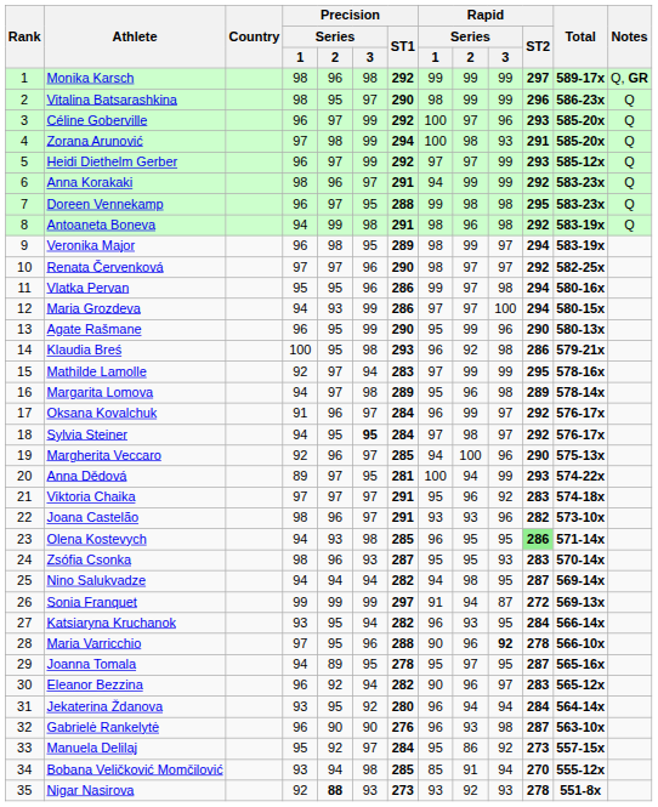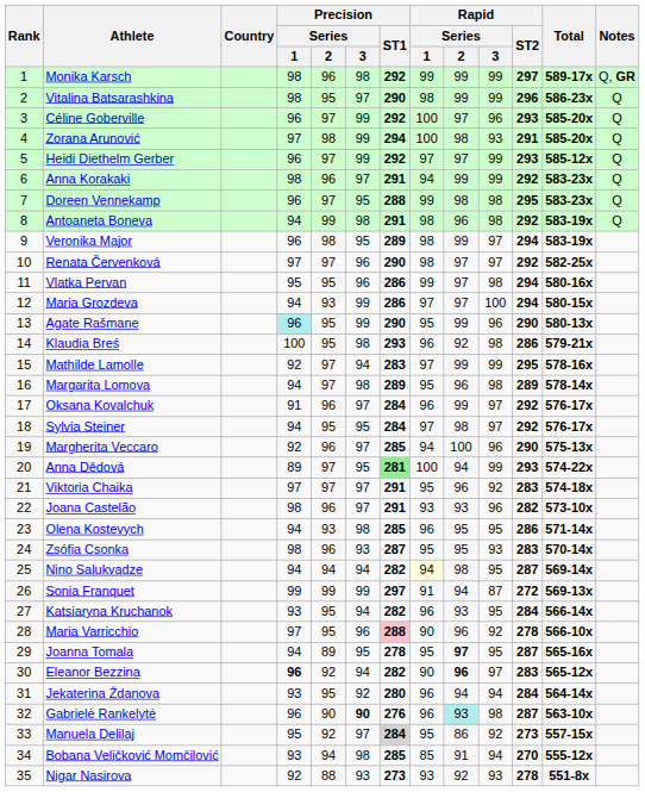 <table class="wikitable sortable" style="text-align:center">
 <tr>
 <th rowspan=3>Rank</th>
 <th rowspan=3>Athlete</th>
 <th rowspan=3>Country</th>
 <th colspan=4>Precision</th>
 <th colspan=4>Rapid</th>
 <th rowspan=3>Total</th>
 <th rowspan=3>Notes</th>
 </tr>
 <tr>
 <th colspan=3>Series</th>
 <th rowspan=2>ST1</th>
 <th colspan=3>Series</th>
 <th rowspan=2>ST2</th>
 </tr>
 <tr>
 <th class="unsortable" width="35px">1</th>
 <th class="unsortable" width="35px">2</th>
 <th class="unsortable" width="35px">3</th>
 <th class="unsortable" width="35px">1</th>
 <th class="unsortable" width="35px">2</th>
 <th class="unsortable" width="35px">3</th>
 </tr>
 <tr bgcolor=ccffcc>
 <td>1</td>
 <td align=left><a href='#'>Monika Karsch</a></td>
 <td align=left></td>
 <td>98</td>
 <td>96</td>
 <td>98</td>
 <td><strong>292</strong></td>
 <td>99</td>
 <td>99</td>
 <td>99</td>
 <td><strong>297</strong></td>
 <td><strong>589-17x</strong></td>
 <td>Q, <strong>GR</strong></td>
 </tr>
 <tr bgcolor=ccffcc>
 <td>2</td>
 <td align=left><a href='#'>Vitalina Batsarashkina</a></td>
 <td align=left></td>
 <td>98</td>
 <td>95</td>
 <td>97</td>
 <td><strong>290</strong></td>
 <td>98</td>
 <td>99</td>
 <td>99</td>
 <td><strong>296</strong></td>
 <td><strong>586-23x</strong></td>
 <td>Q</td>
 </tr>
 <tr bgcolor=ccffcc>
 <td>3</td>
 <td align=left><a href='#'>Céline Goberville</a></td>
 <td align=left></td>
 <td>96</td>
 <td>97</td>
 <td>99</td>
 <td><strong>292</strong></td>
 <td>100</td>
 <td>97</td>
 <td>96</td>
 <td><strong>293</strong></td>
 <td><strong>585-20x</strong></td>
 <td>Q</td>
 </tr>
 <tr bgcolor=ccffcc>
 <td>4</td>
 <td align=left><a href='#'>Zorana Arunović</a></td>
 <td align=left></td>
 <td>97</td>
 <td>98</td>
 <td>99</td>
 <td><strong>294</strong></td>
 <td>100</td>
 <td>98</td>
 <td>93</td>
 <td><strong>291</strong></td>
 <td><strong>585-20x</strong></td>
 <td>Q</td>
 </tr>
 <tr bgcolor=ccffcc>
 <td>5</td>
 <td align=left><a href='#'>Heidi Diethelm Gerber</a></td>
 <td align=left></td>
 <td>96</td>
 <td>97</td>
 <td>99</td>
 <td><strong>292</strong></td>
 <td>97</td>
 <td>97</td>
 <td>99</td>
 <td><strong>293</strong></td>
 <td><strong>585-12x</strong></td>
 <td>Q</td>
 </tr>
 <tr bgcolor=ccffcc>
 <td>6</td>
 <td align=left><a href='#'>Anna Korakaki</a></td>
 <td align=left></td>
 <td>98</td>
 <td>96</td>
 <td>97</td>
 <td><strong>291</strong></td>
 <td>94</td>
 <td>99</td>
 <td>99</td>
 <td><strong>292</strong></td>
 <td><strong>583-23x</strong></td>
 <td>Q</td>
 </tr>
 <tr bgcolor=ccffcc>
 <td>7</td>
 <td align=left><a href='#'>Doreen Vennekamp</a></td>
 <td align=left></td>
 <td>96</td>
 <td>97</td>
 <td>95</td>
 <td><strong>288</strong></td>
 <td>99</td>
 <td>98</td>
 <td>98</td>
 <td><strong>295</strong></td>
 <td><strong>583-23x</strong></td>
 <td>Q</td>
 </tr>
 <tr bgcolor=ccffcc>
 <td>8</td>
 <td align=left><a href='#'>Antoaneta Boneva</a></td>
 <td align=left></td>
 <td>94</td>
 <td>99</td>
 <td>98</td>
 <td><strong>291</strong></td>
 <td>98</td>
 <td>96</td>
 <td>98</td>
 <td><strong>292</strong></td>
 <td><strong>583-19x</strong></td>
 <td>Q</td>
 </tr>
 <tr>
 <td>9</td>
 <td align=left><a href='#'>Veronika Major</a></td>
 <td align=left></td>
 <td>96</td>
 <td>98</td>
 <td>95</td>
 <td><strong>289</strong></td>
 <td>98</td>
 <td>99</td>
 <td>97</td>
 <td><strong>294</strong></td>
 <td><strong>583-19x</strong></td>
 <td></td>
 </tr>
 <tr>
 <td>10</td>
 <td align=left><a href='#'>Renata Červenková</a></td>
 <td align=left></td>
 <td>97</td>
 <td>97</td>
 <td>96</td>
 <td><strong>290</strong></td>
 <td>98</td>
 <td>97</td>
 <td>97</td>
 <td><strong>292</strong></td>
 <td><strong>582-25x</strong></td>
 <td></td>
 </tr>
 <tr>
 <td>11</td>
 <td align=left><a href='#'>Vlatka Pervan</a></td>
 <td align=left></td>
 <td>95</td>
 <td>95</td>
 <td>96</td>
 <td><strong>286</strong></td>
 <td>99</td>
 <td>97</td>
 <td>98</td>
 <td><strong>294</strong></td>
 <td><strong>580-16x</strong></td>
 <td></td>
 </tr>
 <tr>
 <td>12</td>
 <td align=left><a href='#'>Maria Grozdeva</a></td>
 <td align=left></td>
 <td>94</td>
 <td>93</td>
 <td>99</td>
 <td><strong>286</strong></td>
 <td>97</td>
 <td>97</td>
 <td>100</td>
 <td><strong>294</strong></td>
 <td><strong>580-15x</strong></td>
 <td></td>
 </tr>
 <tr>
 <td>13</td>
 <td align=left><a href='#'>Agate Rašmane</a></td>
 <td align=left></td>
-<td>96</td>
+<td style="background: paleturquoise;">96</td>
 <td>95</td>
 <td>99</td>
 <td><strong>290</strong></td>
 <td>95</td>
 <td>99</td>
 <td>96</td>
 <td><strong>290</strong></td>
 <td><strong>580-13x</strong></td>
 <td></td>
 </tr>
 <tr>
 <td>14</td>
 <td align=left><a href='#'>Klaudia Breś</a></td>
 <td align=left></td>
 <td>100</td>
 <td>95</td>
 <td>98</td>
 <td><strong>293</strong></td>
 <td>96</td>
 <td>92</td>
 <td>98</td>
 <td><strong>286</strong></td>
 <td><strong>579-21x</strong></td>
 <td></td>
 </tr>
 <tr>
 <td>15</td>
 <td align=left><a href='#'>Mathilde Lamolle</a></td>
 <td align=left></td>
 <td>92</td>
 <td>97</td>
 <td>94</td>
 <td><strong>283</strong></td>
 <td>97</td>
 <td>99</td>
 <td>99</td>
 <td><strong>295</strong></td>
 <td><strong>578-16x</strong></td>
 <td></td>
 </tr>
 <tr>
 <td>16</td>
 <td align=left><a href='#'>Margarita Lomova</a></td>
 <td align=left></td>
 <td>94</td>
 <td>97</td>
 <td>98</td>
 <td><strong>289</strong></td>
 <td>95</td>
 <td>96</td>
 <td>98</td>
 <td><strong>289</strong></td>
 <td><strong>578-14x</strong></td>
 <td></td>
 </tr>
 <tr>
 <td>17</td>
 <td align=left><a href='#'>Oksana Kovalchuk</a></td>
 <td align=left></td>
 <td>91</td>
 <td>96</td>
 <td>97</td>
 <td><strong>284</strong></td>
 <td>96</td>
 <td>99</td>
 <td>97</td>
 <td><strong>292</strong></td>
 <td><strong>576-17x</strong></td>
 <td></td>
 </tr>
 <tr>
 <td>18</td>
 <td align=left><a href='#'>Sylvia Steiner</a></td>
 <td align=left></td>
 <td>94</td>
 <td>95</td>
-<td><strong>95</strong></td>
+<td>95</td>
 <td><strong>284</strong></td>
 <td>97</td>
 <td>98</td>
 <td>97</td>
 <td><strong>292</strong></td>
 <td><strong>576-17x</strong></td>
 <td></td>
 </tr>
 <tr>
 <td>19</td>
 <td align=left><a href='#'>Margherita Veccaro</a></td>
 <td align=left></td>
 <td>92</td>
 <td>96</td>
 <td>97</td>
 <td><strong>285</strong></td>
 <td>94</td>
 <td>100</td>
 <td>96</td>
 <td><strong>290</strong></td>
 <td><strong>575-13x</strong></td>
 <td></td>
 </tr>
 <tr>
 <td>20</td>
 <td align=left><a href='#'>Anna Dědová</a></td>
 <td align=left></td>
 <td>89</td>
 <td>97</td>
 <td>95</td>
-<td><strong>281</strong></td>
+<td style="background: lightgreen;"><strong>281</strong></td>
 <td>100</td>
 <td>94</td>
 <td>99</td>
 <td><strong>293</strong></td>
 <td><strong>574-22x</strong></td>
 <td></td>
 </tr>
 <tr>
 <td>21</td>
 <td align=left><a href='#'>Viktoria Chaika</a></td>
 <td align=left></td>
 <td>97</td>
 <td>97</td>
 <td>97</td>
 <td><strong>291</strong></td>
 <td>95</td>
 <td>96</td>
 <td>92</td>
 <td><strong>283</strong></td>
 <td><strong>574-18x</strong></td>
 <td></td>
 </tr>
 <tr>
 <td>22</td>
 <td align=left><a href='#'>Joana Castelão</a></td>
 <td align=left></td>
 <td>98</td>
 <td>96</td>
 <td>97</td>
 <td><strong>291</strong></td>
 <td>93</td>
 <td>93</td>
 <td>96</td>
 <td><strong>282</strong></td>
 <td><strong>573-10x</strong></td>
 <td></td>
 </tr>
 <tr>
 <td>23</td>
 <td align=left><a href='#'>Olena Kostevych</a></td>
 <td align=left></td>
 <td>94</td>
 <td>93</td>
 <td>98</td>
 <td><strong>285</strong></td>
 <td>96</td>
 <td>95</td>
 <td>95</td>
-<td style="background: lightgreen;"><strong>286</strong></td>
+<td><strong>286</strong></td>
 <td><strong>571-14x</strong></td>
 <td></td>
 </tr>
 <tr>
 <td>24</td>
 <td align=left><a href='#'>Zsófia Csonka</a></td>
 <td align=left></td>
 <td>98</td>
 <td>96</td>
 <td>93</td>
 <td><strong>287</strong></td>
 <td>95</td>
 <td>95</td>
 <td>93</td>
 <td><strong>283</strong></td>
 <td><strong>570-14x</strong></td>
 <td></td>
 </tr>
 <tr>
 <td>25</td>
 <td align=left><a href='#'>Nino Salukvadze</a></td>
 <td align=left></td>
 <td>94</td>
 <td>94</td>
 <td>94</td>
 <td><strong>282</strong></td>
-<td>94</td>
+<td style="background: lightyellow;">94</td>
 <td>98</td>
 <td>95</td>
 <td><strong>287</strong></td>
 <td><strong>569-14x</strong></td>
 <td></td>
 </tr>
 <tr>
 <td>26</td>
 <td align=left><a href='#'>Sonia Franquet</a></td>
 <td align=left></td>
 <td>99</td>
 <td>99</td>
 <td>99</td>
 <td><strong>297</strong></td>
 <td>91</td>
 <td>94</td>
 <td>87</td>
 <td><strong>272</strong></td>
 <td><strong>569-13x</strong></td>
 <td></td>
 </tr>
 <tr>
 <td>27</td>
 <td align=left><a href='#'>Katsiaryna Kruchanok</a></td>
 <td align=left></td>
 <td>93</td>
 <td>95</td>
 <td>94</td>
 <td><strong>282</strong></td>
 <td>96</td>
 <td>93</td>
 <td>95</td>
 <td><strong>284</strong></td>
 <td><strong>566-14x</strong></td>
 <td></td>
 </tr>
 <tr>
 <td>28</td>
 <td align=left><a href='#'>Maria Varricchio</a></td>
 <td align=left></td>
 <td>97</td>
 <td>95</td>
 <td>96</td>
-<td><strong>288</strong></td>
+<td style="background: pink;"><strong>288</strong></td>
 <td>90</td>
 <td>96</td>
-<td><strong>92</strong></td>
+<td>92</td>
 <td><strong>278</strong></td>
 <td><strong>566-10x</strong></td>
 <td></td>
 </tr>
 <tr>
 <td>29</td>
 <td align=left><a href='#'>Joanna Tomala</a></td>
 <td align=left></td>
 <td>94</td>
 <td>89</td>
 <td>95</td>
 <td><strong>278</strong></td>
 <td>95</td>
-<td>97</td>
+<td><strong>97</strong></td>
 <td>95</td>
 <td><strong>287</strong></td>
 <td><strong>565-16x</strong></td>
 <td></td>
 </tr>
 <tr>
 <td>30</td>
 <td align=left><a href='#'>Eleanor Bezzina</a></td>
 <td align=left></td>
-<td>96</td>
+<td><strong>96</strong></td>
 <td>92</td>
 <td>94</td>
 <td><strong>282</strong></td>
 <td>90</td>
-<td>96</td>
+<td><strong>96</strong></td>
 <td>97</td>
 <td><strong>283</strong></td>
 <td><strong>565-12x</strong></td>
 <td></td>
 </tr>
 <tr>
 <td>31</td>
 <td align=left><a href='#'>Jekaterina Ždanova</a></td>
 <td align=left></td>
 <td>93</td>
 <td>95</td>
 <td>92</td>
 <td><strong>280</strong></td>
 <td>96</td>
 <td>94</td>
 <td>94</td>
 <td><strong>284</strong></td>
 <td><strong>564-14x</strong></td>
 <td></td>
 </tr>
 <tr>
 <td>32</td>
 <td align=left><a href='#'>Gabrielė Rankelytė</a></td>
 <td align=left></td>
 <td>96</td>
 <td>90</td>
-<td>90</td>
+<td><strong>90</strong></td>
 <td><strong>276</strong></td>
 <td>96</td>
-<td>93</td>
+<td style="background: paleturquoise;">93</td>
 <td>98</td>
 <td><strong>287</strong></td>
 <td><strong>563-10x</strong></td>
 <td></td>
 </tr>
 <tr>
 <td>33</td>
 <td align=left><a href='#'>Manuela Delilaj</a></td>
 <td align=left></td>
 <td>95</td>
 <td>92</td>
 <td>97</td>
-<td><strong>284</strong></td>
+<td style="background: lightgrey;"><strong>284</strong></td>
 <td>95</td>
 <td>86</td>
 <td>92</td>
 <td><strong>273</strong></td>
 <td><strong>557-15x</strong></td>
 <td></td>
 </tr>
 <tr>
 <td>34</td>
 <td align=left><a href='#'>Bobana Veličković Momčilović</a></td>
 <td align=left></td>
 <td>93</td>
 <td>94</td>
 <td>98</td>
 <td><strong>285</strong></td>
 <td>85</td>
 <td>91</td>
 <td>94</td>
 <td><strong>270</strong></td>
 <td><strong>555-12x</strong></td>
 <td></td>
 </tr>
 <tr>
 <td>35</td>
 <td align=left><a href='#'>Nigar Nasirova</a></td>
 <td align=left></td>
 <td>92</td>
-<td><strong>88</strong></td>
+<td>88</td>
 <td>93</td>
 <td><strong>273</strong></td>
 <td>93</td>
 <td>92</td>
 <td>93</td>
 <td><strong>278</strong></td>
 <td><strong>551-8x</strong></td>
 <td></td>
 </tr>
 </table>
